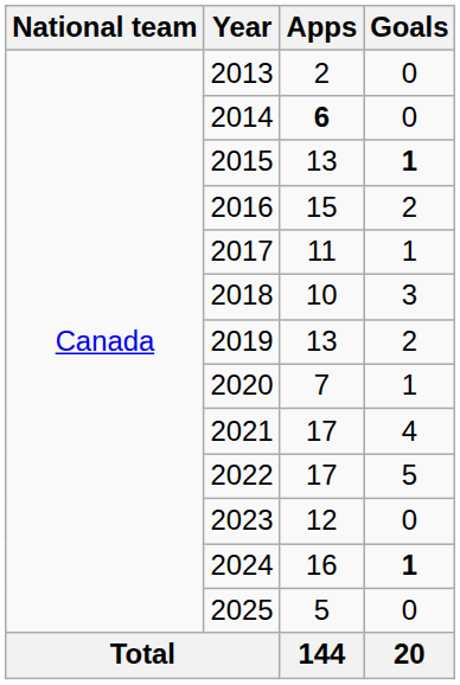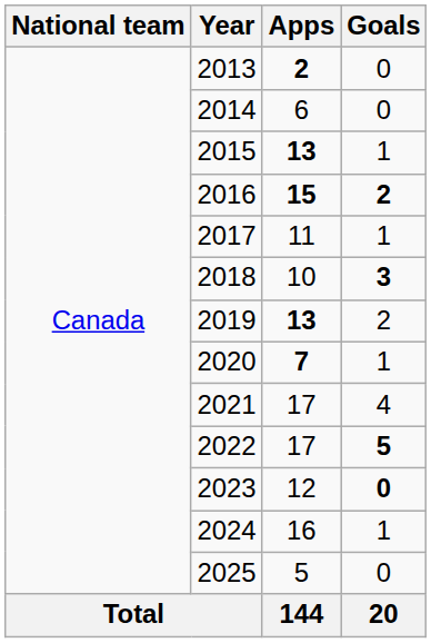 <table class=wikitable style=text-align:center>
 <tr>
 <th>National team</th>
 <th>Year</th>
 <th>Apps</th>
 <th>Goals</th>
 </tr>
 <tr>
 <td rowspan=13><a href='#'>Canada</a></td>
 <td>2013</td>
-<td>2</td>
+<td><strong>2</strong></td>
 <td>0</td>
 </tr>
 <tr>
 <td>2014</td>
-<td><strong>6</strong></td>
+<td>6</td>
 <td>0</td>
 </tr>
 <tr>
 <td>2015</td>
-<td>13</td>
-<td><strong>1</strong></td>
+<td><strong>13</strong></td>
+<td>1</td>
 </tr>
 <tr>
 <td>2016</td>
-<td>15</td>
-<td>2</td>
+<td><strong>15</strong></td>
+<td><strong>2</strong></td>
 </tr>
 <tr>
 <td>2017</td>
 <td>11</td>
 <td>1</td>
 </tr>
 <tr>
 <td>2018</td>
 <td>10</td>
-<td>3</td>
+<td><strong>3</strong></td>
 </tr>
 <tr>
 <td>2019</td>
-<td>13</td>
+<td><strong>13</strong></td>
 <td>2</td>
 </tr>
 <tr>
 <td>2020</td>
-<td>7</td>
+<td><strong>7</strong></td>
 <td>1</td>
 </tr>
 <tr>
 <td>2021</td>
 <td>17</td>
 <td>4</td>
 </tr>
 <tr>
 <td>2022</td>
 <td>17</td>
-<td>5</td>
+<td><strong>5</strong></td>
 </tr>
 <tr>
 <td>2023</td>
 <td>12</td>
-<td>0</td>
+<td><strong>0</strong></td>
 </tr>
 <tr>
 <td>2024</td>
 <td>16</td>
-<td><strong>1</strong></td>
+<td>1</td>
 </tr>
 <tr>
 <td>2025</td>
 <td>5</td>
 <td>0</td>
 </tr>
 <tr>
 <th colspan=2>Total</th>
 <th>144</th>
 <th>20</th>
 </tr>
 </table>
